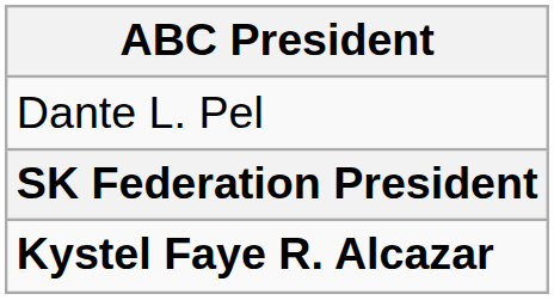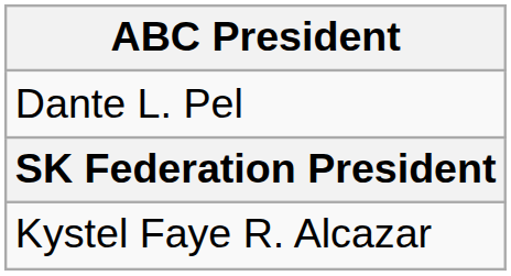 <table class="wikitable">
 <tr>
 <th>ABC President</th>
 </tr>
 <tr>
 <td>Dante L. Pel</td>
 </tr>
 <tr>
 <th>SK Federation President</th>
 </tr>
 <tr>
-<td><strong>Kystel Faye R. Alcazar</strong></td>
+<td>Kystel Faye R. Alcazar</td>
 </tr>
 </table>
